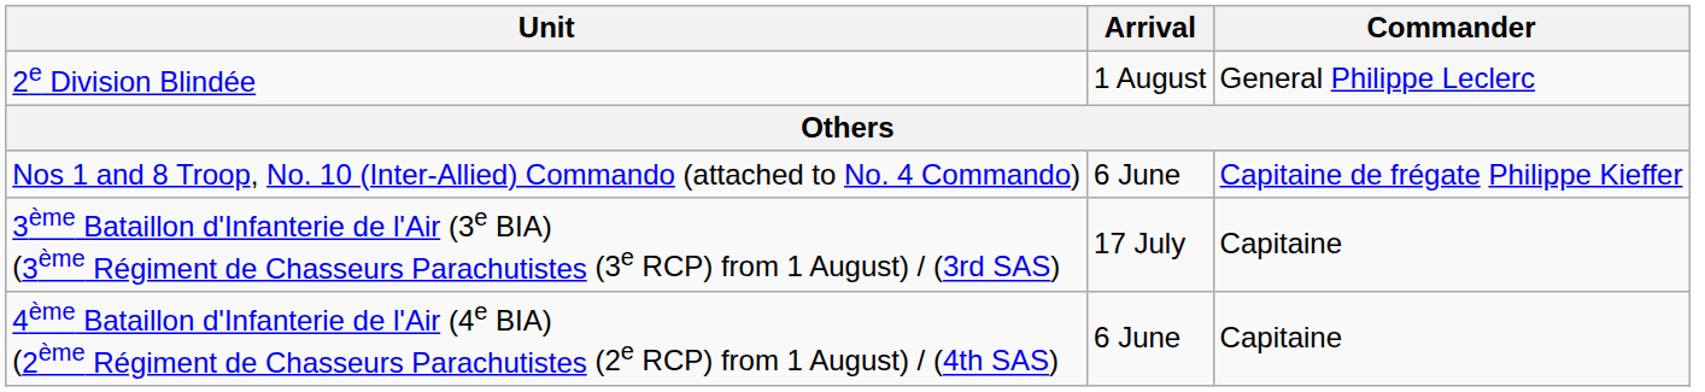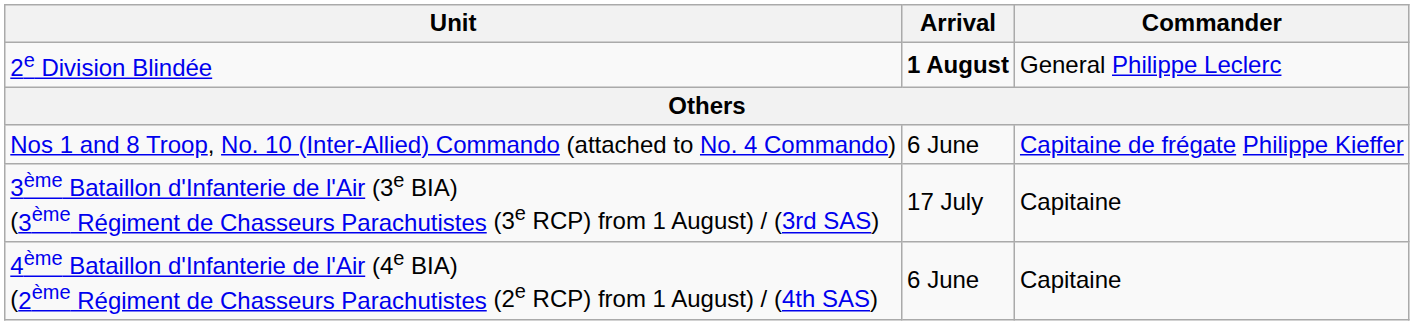 <table class="wikitable">
 <tr>
 <th>Unit</th>
 <th>Arrival</th>
 <th>Commander</th>
 </tr>
 <tr>
 <td><a href='#'>2<sup>e</sup> Division Blindée</a></td>
-<td>1 August</td>
+<td><strong>1 August</strong></td>
 <td>General <a href='#'>Philippe Leclerc</a></td>
 </tr>
 <tr>
 <th colspan="5">Others</th>
 </tr>
 <tr>
 <td><a href='#'>Nos 1 and 8 Troop</a>, <a href='#'>No. 10 (Inter-Allied) Commando</a> (attached to <a href='#'>No. 4 Commando</a>)</td>
 <td>6 June</td>
 <td><a href='#'>Capitaine de frégate</a> <a href='#'>Philippe Kieffer</a></td>
 </tr>
 <tr>
 <td><a href='#'>3<sup>ème</sup> Bataillon d'Infanterie de l'Air</a> (3<sup>e</sup> BIA)<br> (<a href='#'>3<sup>ème</sup> Régiment de Chasseurs Parachutistes</a> (3<sup>e</sup> RCP) from 1 August) / (<a href='#'>3rd SAS</a>)</td>
 <td>17 July</td>
 <td>Capitaine </td>
 </tr>
 <tr>
 <td><a href='#'>4<sup>ème</sup> Bataillon d'Infanterie de l'Air</a> (4<sup>e</sup> BIA)<br> (<a href='#'>2<sup>ème</sup> Régiment de Chasseurs Parachutistes</a> (2<sup>e</sup> RCP) from 1 August) / (<a href='#'>4th SAS</a>)</td>
 <td>6 June</td>
 <td>Capitaine </td>
 </tr>
 </table>
